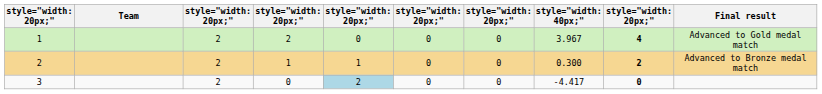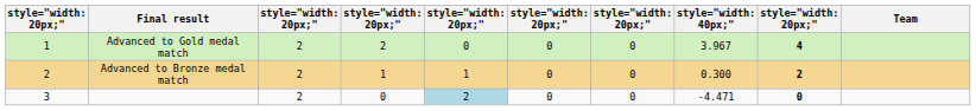 <table class="wikitable" border="1" style="text-align: center;">
 <tr>
 <th>style="width: 20px;"</th>
-<th style="width: 175px;">Team</th>
+<th style="width: 230px;">Final result</th>
 <th>style="width: 20px;"</th>
 <th>style="width: 20px;"</th>
 <th>style="width: 20px;"</th>
 <th>style="width: 20px;"</th>
 <th>style="width: 20px;"</th>
 <th>style="width: 40px;"</th>
 <th>style="width: 20px;"</th>
-<th style="width: 230px;">Final result</th>
+<th style="width: 175px;">Team</th>
 </tr>
 <tr style="background:#D0F0C0;">
 <td>1</td>
-<td style="text-align:left"></td>
+<td>Advanced to Gold medal match</td>
 <td>2</td>
 <td>2</td>
 <td>0</td>
 <td>0</td>
 <td>0</td>
 <td>3.967</td>
 <td><strong>4</strong></td>
-<td>Advanced to Gold medal match</td>
+<td style="text-align:left"></td>
 </tr>
 <tr style="background:#F6D792;">
 <td>2</td>
-<td style="text-align:left"></td>
+<td>Advanced to Bronze medal match</td>
 <td>2</td>
 <td>1</td>
 <td>1</td>
 <td>0</td>
 <td>0</td>
 <td>0.300</td>
 <td><strong>2</strong></td>
-<td>Advanced to Bronze medal match</td>
+<td style="text-align:left"></td>
 </tr>
 <tr>
 <td>3</td>
-<td style="text-align:left"></td>
+<td></td>
 <td>2</td>
 <td>0</td>
 <td style="background: lightblue;">2</td>
 <td>0</td>
 <td>0</td>
-<td>-4.417</td>
+<td>-4.471</td>
 <td><strong>0</strong></td>
-<td></td>
+<td style="text-align:left"></td>
 </tr>
 </table>
